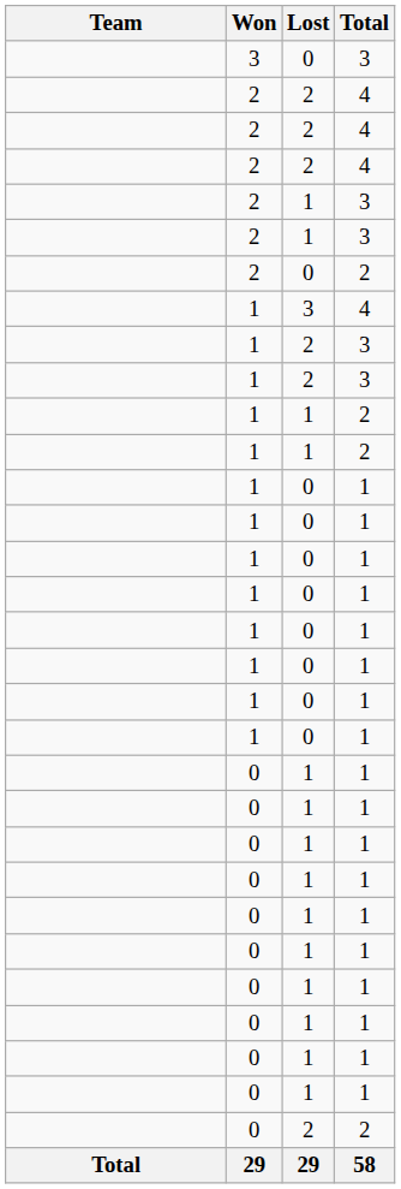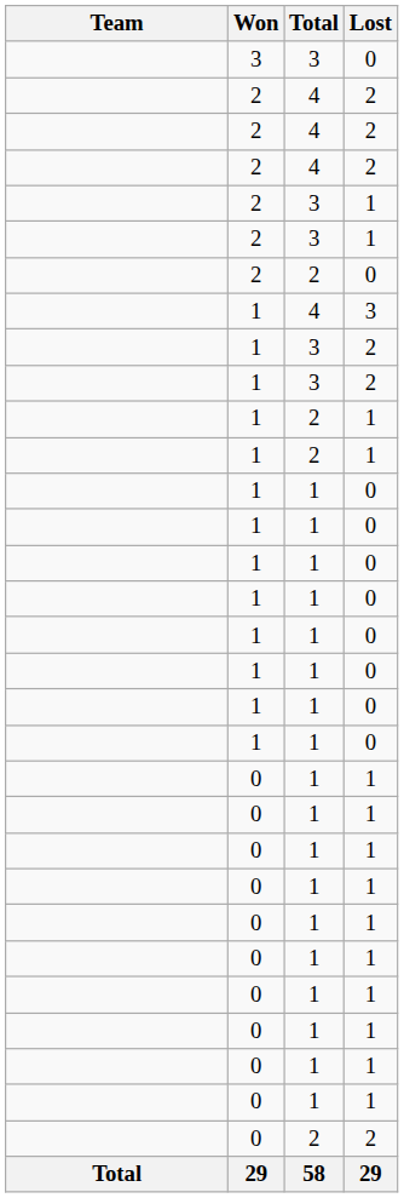 <table class="wikitable" style="text-align:center">
 <tr>
 <th width=150>Team</th>
 <th width=20>Won</th>
+<th width=20>Total</th>
 <th width=20>Lost</th>
-<th width=20>Total</th>
 </tr>
 <tr>
 <td align="left"></td>
 <td>3</td>
+<td>3</td>
 <td>0</td>
+</tr>
+<tr>
+<td align="left"></td>
+<td>2</td>
+<td>4</td>
+<td>2</td>
+</tr>
+<tr>
+<td align="left"></td>
+<td>2</td>
+<td>4</td>
+<td>2</td>
+</tr>
+<tr>
+<td align="left"></td>
+<td>2</td>
+<td>4</td>
+<td>2</td>
+</tr>
+<tr>
+<td align="left"></td>
+<td>2</td>
 <td>3</td>
+<td>1</td>
+</tr>
+<tr>
+<td align="left"></td>
+<td>2</td>
+<td>3</td>
+<td>1</td>
 </tr>
 <tr>
 <td align="left"></td>
 <td>2</td>
 <td>2</td>
-<td>4</td>
+<td>0</td>
 </tr>
 <tr>
 <td align="left"></td>
-<td>2</td>
-<td>2</td>
+<td>1</td>
 <td>4</td>
-</tr>
-<tr>
-<td align="left"></td>
-<td>2</td>
-<td>2</td>
-<td>4</td>
-</tr>
-<tr>
-<td align="left"></td>
-<td>2</td>
-<td>1</td>
 <td>3</td>
 </tr>
 <tr>
 <td align="left"></td>
-<td>2</td>
 <td>1</td>
 <td>3</td>
-</tr>
-<tr>
-<td align="left"></td>
-<td>2</td>
-<td>0</td>
 <td>2</td>
 </tr>
 <tr>
 <td align="left"></td>
 <td>1</td>
 <td>3</td>
-<td>4</td>
+<td>2</td>
 </tr>
 <tr>
 <td align="left"></td>
 <td>1</td>
 <td>2</td>
-<td>3</td>
+<td>1</td>
 </tr>
 <tr>
 <td align="left"></td>
 <td>1</td>
 <td>2</td>
-<td>3</td>
+<td>1</td>
 </tr>
 <tr>
 <td align="left"></td>
 <td>1</td>
 <td>1</td>
-<td>2</td>
+<td>0</td>
 </tr>
 <tr>
 <td align="left"></td>
 <td>1</td>
 <td>1</td>
-<td>2</td>
+<td>0</td>
 </tr>
 <tr>
 <td align="left"></td>
 <td>1</td>
+<td>1</td>
 <td>0</td>
-<td>1</td>
 </tr>
 <tr>
 <td align="left"></td>
 <td>1</td>
+<td>1</td>
 <td>0</td>
-<td>1</td>
 </tr>
 <tr>
 <td align="left"></td>
 <td>1</td>
+<td>1</td>
 <td>0</td>
-<td>1</td>
 </tr>
 <tr>
 <td align="left"></td>
 <td>1</td>
+<td>1</td>
 <td>0</td>
-<td>1</td>
 </tr>
 <tr>
 <td align="left"></td>
 <td>1</td>
+<td>1</td>
 <td>0</td>
-<td>1</td>
 </tr>
 <tr>
 <td align="left"></td>
 <td>1</td>
-<td>0</td>
-<td>1</td>
-</tr>
-<tr>
-<td align="left"></td>
 <td>1</td>
 <td>0</td>
-<td>1</td>
-</tr>
-<tr>
-<td align="left"></td>
-<td>1</td>
-<td>0</td>
-<td>1</td>
 </tr>
 <tr>
 <td align="left"></td>
 <td>0</td>
 <td>1</td>
 <td>1</td>
 </tr>
 <tr>
 <td align="left"></td>
 <td>0</td>
 <td>1</td>
 <td>1</td>
 </tr>
 <tr>
 <td align="left"></td>
 <td>0</td>
 <td>1</td>
 <td>1</td>
 </tr>
 <tr>
 <td align="left"></td>
 <td>0</td>
 <td>1</td>
 <td>1</td>
 </tr>
 <tr>
 <td align="left"></td>
 <td>0</td>
 <td>1</td>
 <td>1</td>
 </tr>
 <tr>
 <td align="left"></td>
 <td>0</td>
 <td>1</td>
 <td>1</td>
 </tr>
 <tr>
 <td align="left"></td>
 <td>0</td>
 <td>1</td>
 <td>1</td>
 </tr>
 <tr>
 <td align="left"></td>
 <td>0</td>
 <td>1</td>
 <td>1</td>
 </tr>
 <tr>
 <td align="left"></td>
 <td>0</td>
 <td>1</td>
 <td>1</td>
 </tr>
 <tr>
 <td align="left"></td>
 <td>0</td>
 <td>1</td>
 <td>1</td>
 </tr>
 <tr>
 <td align="left"></td>
 <td>0</td>
 <td>2</td>
 <td>2</td>
 </tr>
 <tr>
 <th align="center">Total</th>
 <th>29</th>
+<th>58</th>
 <th>29</th>
-<th>58</th>
 </tr>
 </table>
